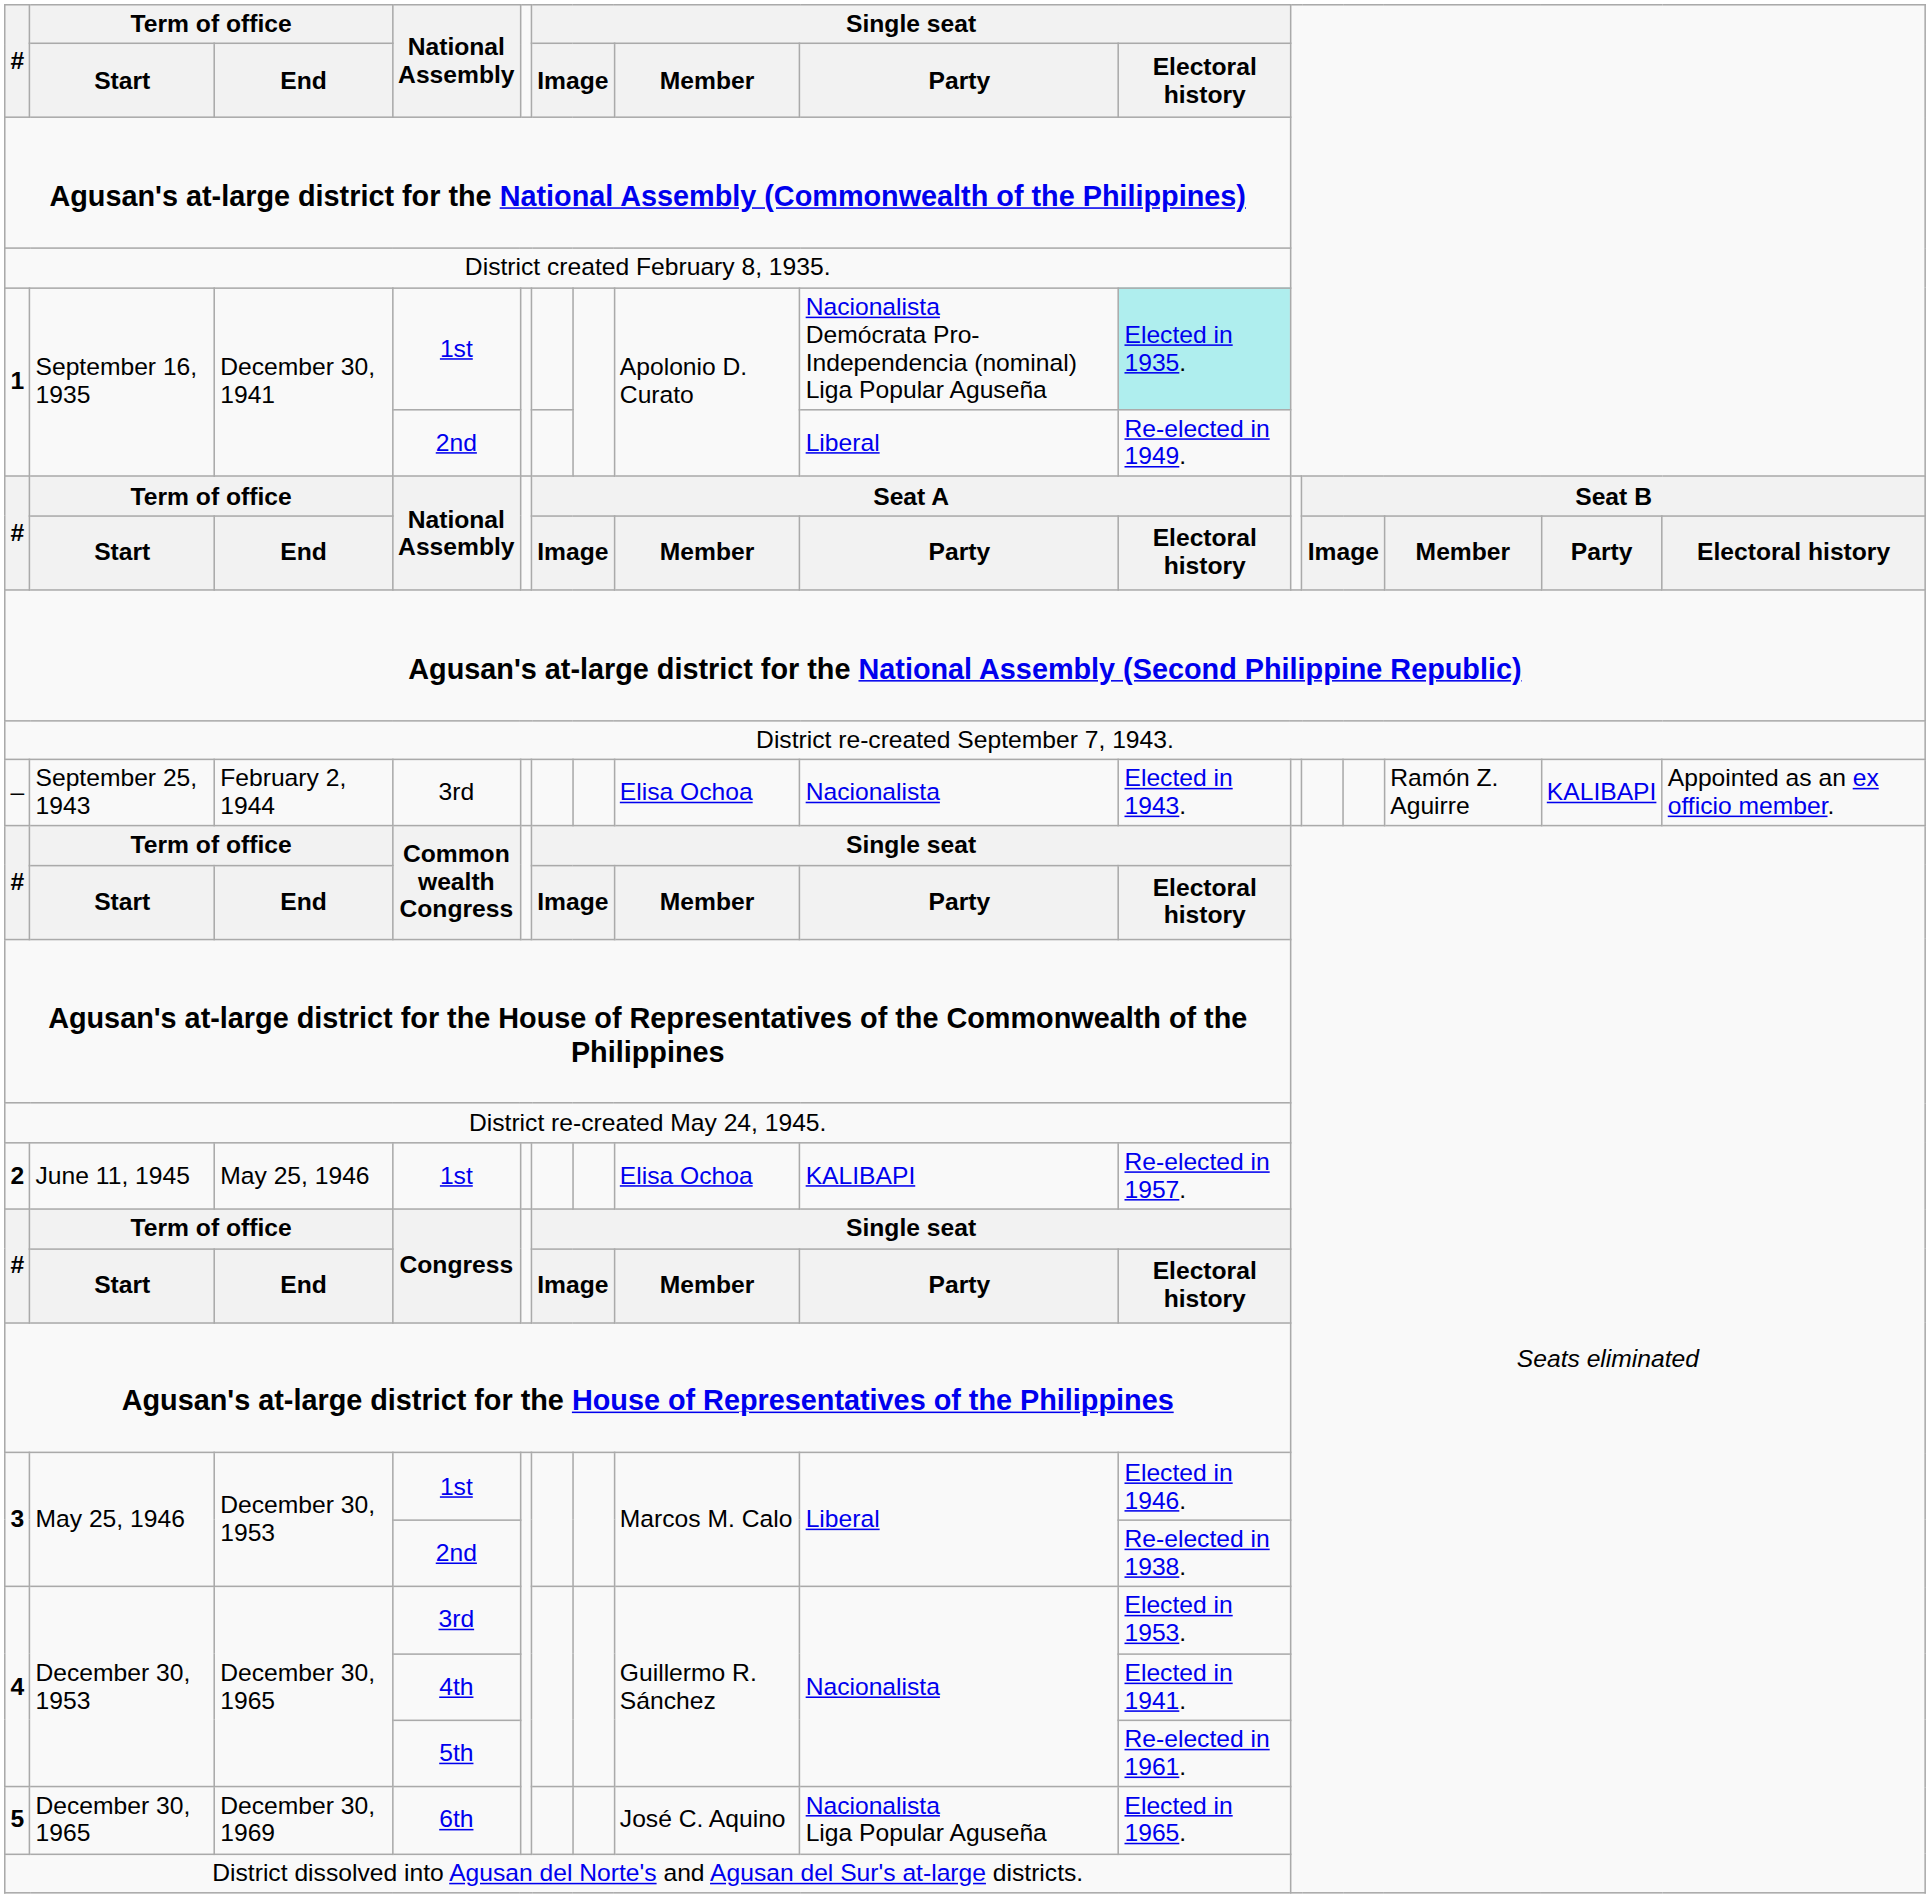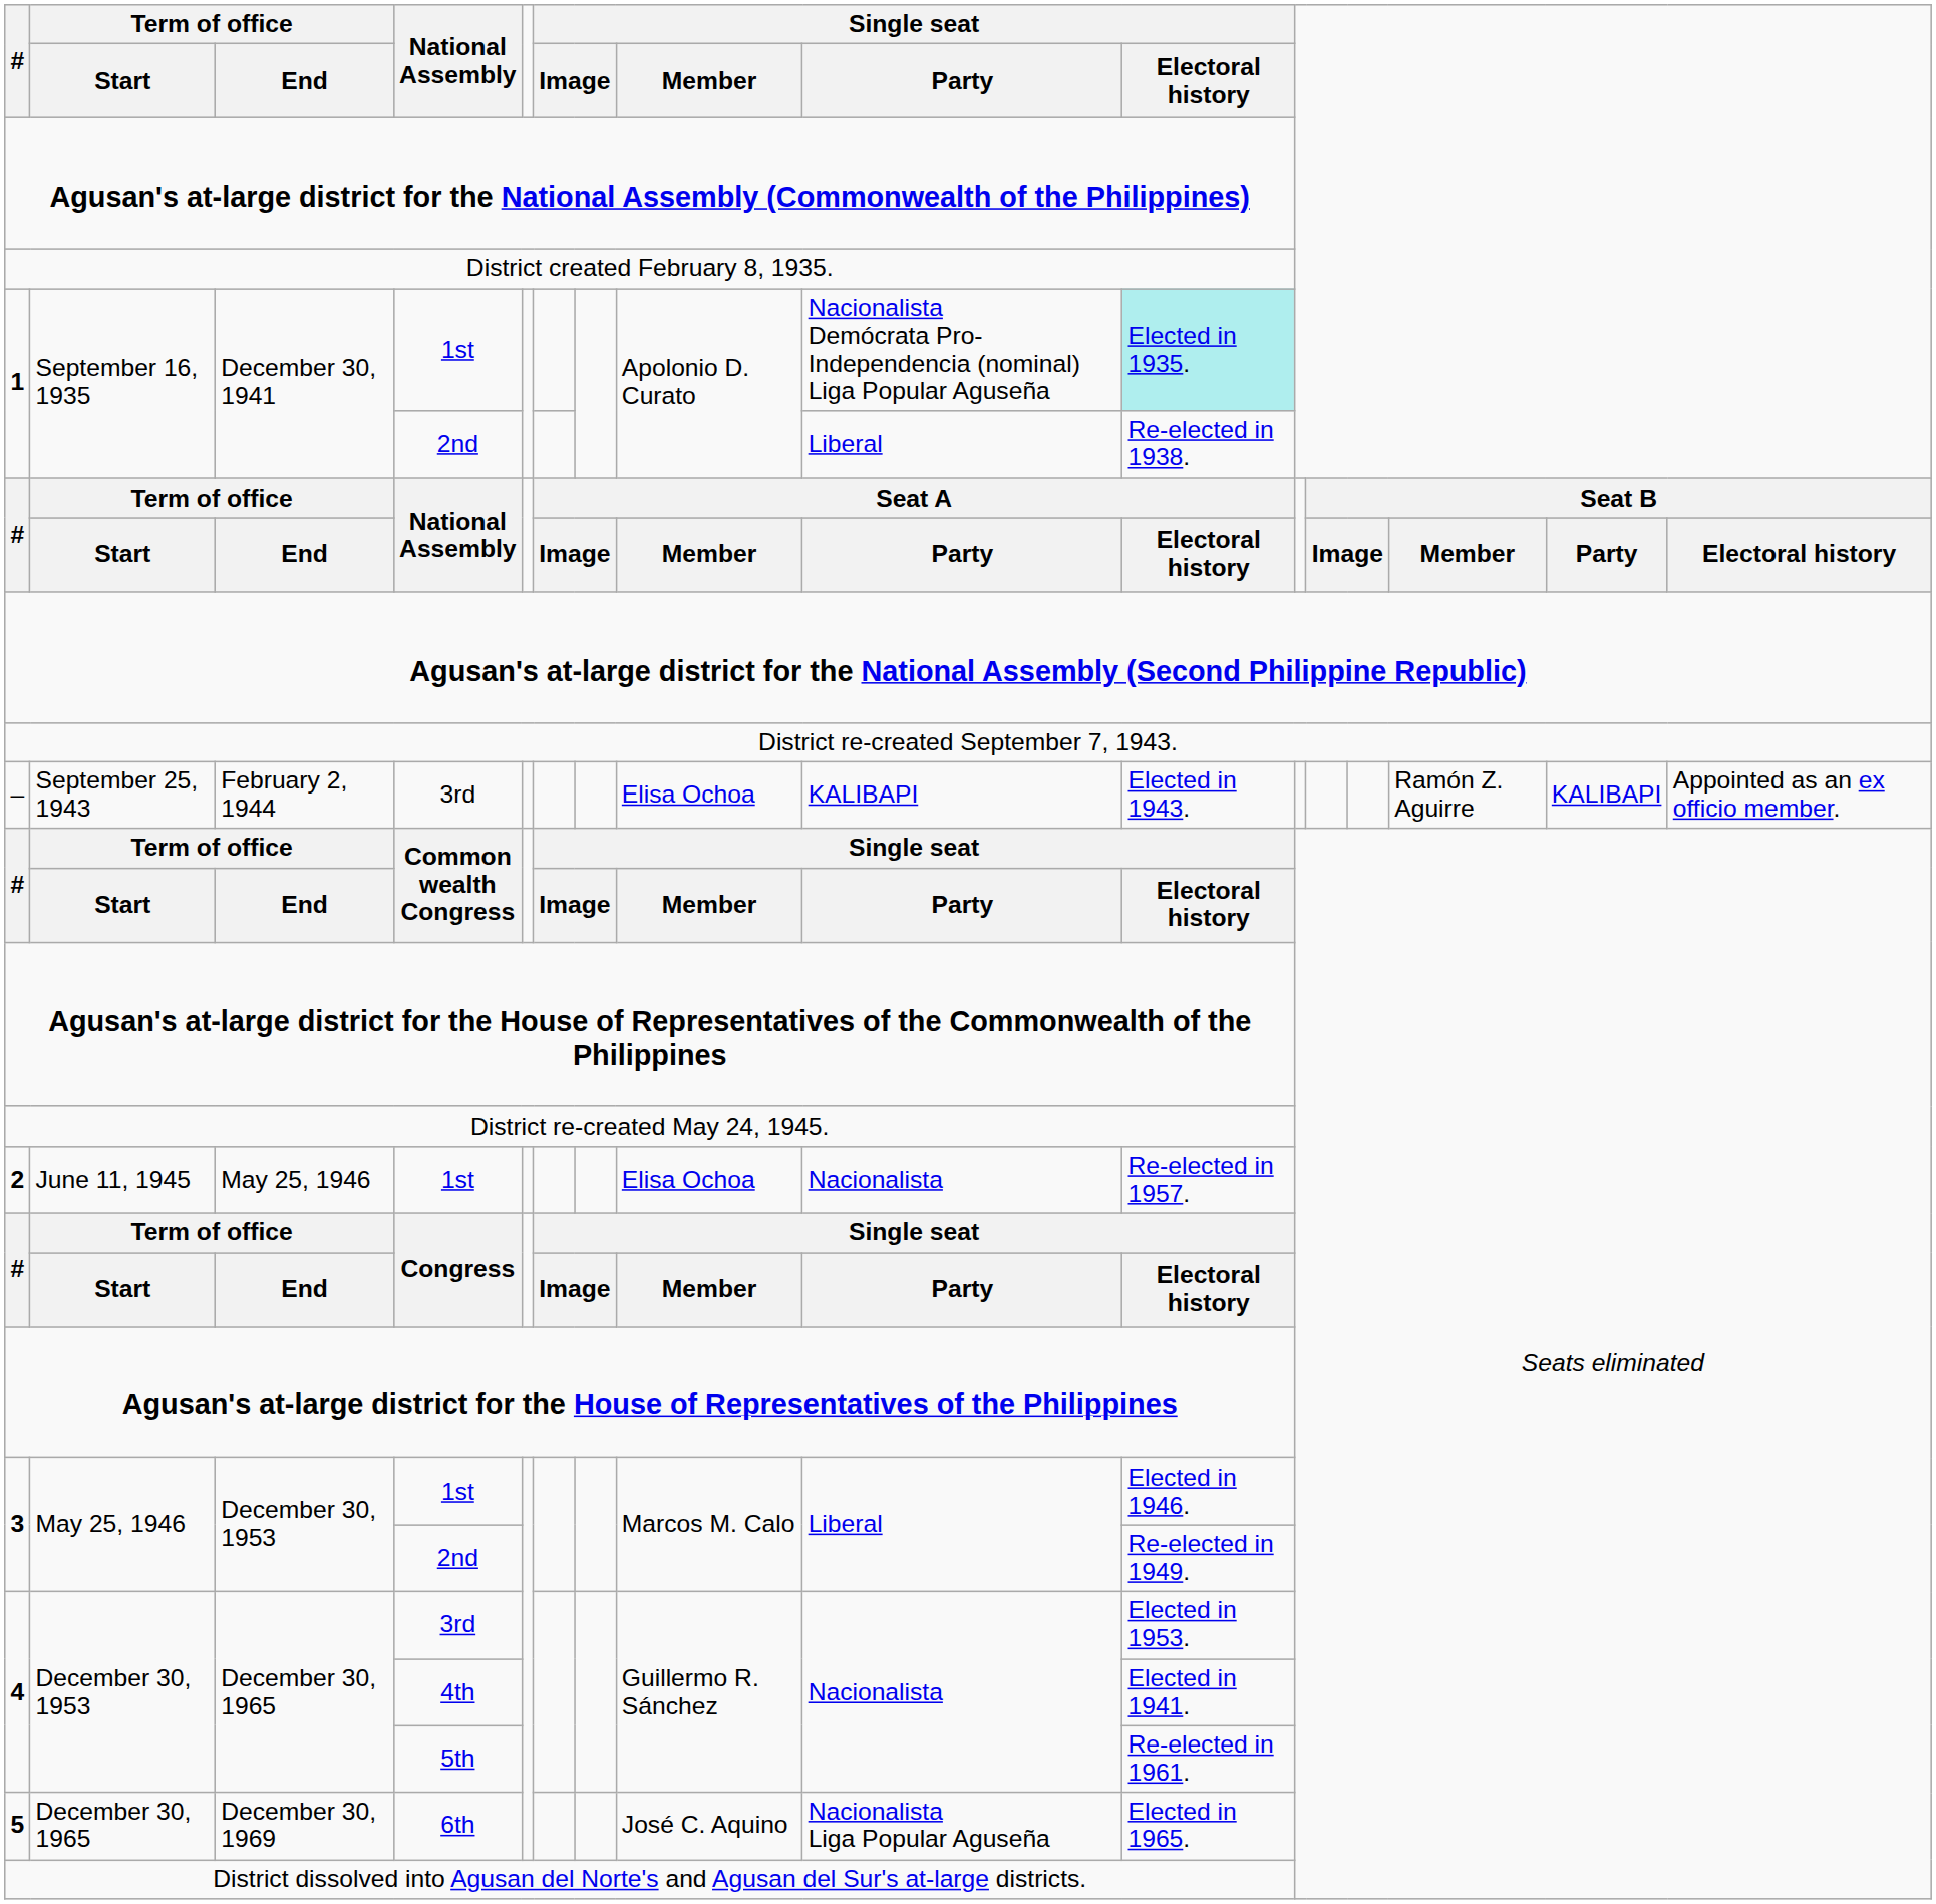 <table class=wikitable>
 <tr>
 <th rowspan=2>#</th>
 <th colspan=2>Term of office</th>
 <th rowspan=2>National<br>Assembly</th>
 <td rowspan=2></td>
 <th colspan=5>Single seat</th>
 </tr>
 <tr style="height:3em">
 <th>Start</th>
 <th>End</th>
 <th colspan="2" style="text-align:center;">Image</th>
 <th>Member</th>
 <th>Party</th>
 <th>Electoral history</th>
 </tr>
 <tr>
 <td colspan="10" style="text-align:center;"><br><h3>Agusan's at-large district for the <a href='#'>National Assembly (Commonwealth of the Philippines)</a></h3></td>
 </tr>
 <tr>
 <td colspan="10" style="text-align:center;">District created February 8, 1935.</td>
 </tr>
 <tr>
 <td rowspan="2" style="text-align:center;"><strong>1</strong></td>
 <td rowspan="2">September 16, 1935</td>
 <td rowspan="2">December 30, 1941</td>
 <td style="text-align:center;"><a href='#'>1st</a></td>
 <td rowspan=2></td>
 <td style="color:inherit;background:"></td>
 <td rowspan="2"></td>
 <td rowspan="2">Apolonio D. Curato</td>
 <td><a href='#'>Nacionalista</a><br>Demócrata Pro-Independencia (nominal)<br>Liga Popular Aguseña</td>
 <td style="background: paleturquoise;"><a href='#'>Elected in 1935</a>.</td>
 </tr>
 <tr>
 <td style="text-align:center;"><a href='#'>2nd</a></td>
 <td style="color:inherit;background:"></td>
 <td><a href='#'>Liberal</a></td>
-<td><a href='#'>Re-elected in 1949</a>.</td>
+<td><a href='#'>Re-elected in 1938</a>.</td>
 </tr>
 <tr>
 <th rowspan=2>#</th>
 <th colspan=2>Term of office</th>
 <th rowspan=2>National<br>Assembly</th>
 <td rowspan=2></td>
 <th colspan=5>Seat A</th>
 <td rowspan=2></td>
 <th colspan=5>Seat B</th>
 </tr>
 <tr style="height:3em">
 <th>Start</th>
 <th>End</th>
 <th colspan="2" style="text-align:center;">Image</th>
 <th>Member</th>
 <th>Party</th>
 <th>Electoral history</th>
 <th colspan="2" style="text-align:center;">Image</th>
 <th>Member</th>
 <th>Party</th>
 <th>Electoral history</th>
 </tr>
 <tr>
 <td colspan="16" style="text-align:center;"><br><h3>Agusan's at-large district for the <a href='#'>National Assembly (Second Philippine Republic)</a></h3></td>
 </tr>
 <tr>
 <td colspan="16" style="text-align:center;">District re-created September 7, 1943.</td>
 </tr>
 <tr>
 <td style="text-align:center;">–</td>
 <td>September 25, 1943</td>
 <td>February 2, 1944</td>
 <td style="text-align:center;">3rd</td>
 <td></td>
 <td style="color:inherit;background:"></td>
 <td></td>
 <td><a href='#'>Elisa Ochoa</a></td>
-<td><a href='#'>Nacionalista</a></td>
+<td><a href='#'>KALIBAPI</a></td>
 <td><a href='#'>Elected in 1943</a>.</td>
 <td></td>
 <td style="color:inherit;background:"></td>
 <td></td>
 <td>Ramón Z. Aguirre</td>
 <td><a href='#'>KALIBAPI</a></td>
 <td>Appointed as an <a href='#'>ex officio member</a>.</td>
 </tr>
 <tr>
 <th rowspan=2>#</th>
 <th colspan=2>Term of office</th>
 <th rowspan=2>Common<br>wealth<br>Congress</th>
 <td rowspan=2></td>
 <th colspan=5>Single seat</th>
 <td rowspan=16 colspan=6 style="text-align:center;"><em>Seats eliminated</em></td>
 </tr>
 <tr style="height:3em">
 <th>Start</th>
 <th>End</th>
 <th colspan="2" style="text-align:center;">Image</th>
 <th>Member</th>
 <th>Party</th>
 <th>Electoral history</th>
 </tr>
 <tr>
 <td colspan="10" style="text-align:center;"><br><h3>Agusan's at-large district for the House of Representatives of the Commonwealth of the Philippines</h3></td>
 </tr>
 <tr>
 <td colspan="10" style="text-align:center;">District re-created May 24, 1945.</td>
 </tr>
 <tr>
 <td style="text-align:center;"><strong>2</strong></td>
 <td>June 11, 1945</td>
 <td>May 25, 1946</td>
 <td style="text-align:center;"><a href='#'>1st</a></td>
 <td></td>
 <td style="color:inherit;background:"></td>
 <td></td>
 <td><a href='#'>Elisa Ochoa</a></td>
-<td><a href='#'>KALIBAPI</a></td>
+<td><a href='#'>Nacionalista</a></td>
 <td><a href='#'>Re-elected in 1957</a>.</td>
 </tr>
 <tr>
 <th rowspan=2>#</th>
 <th colspan=2>Term of office</th>
 <th rowspan=2>Congress</th>
 <td rowspan=2></td>
 <th colspan=5>Single seat</th>
 </tr>
 <tr style="height:3em">
 <th>Start</th>
 <th>End</th>
 <th colspan="2" style="text-align:center;">Image</th>
 <th>Member</th>
 <th>Party</th>
 <th>Electoral history</th>
 </tr>
 <tr>
 <td colspan="10" style="text-align:center;"><br><h3>Agusan's at-large district for the <a href='#'>House of Representatives of the Philippines</a></h3></td>
 </tr>
 <tr>
 <td rowspan="2" style="text-align:center;"><strong>3</strong></td>
 <td rowspan="2">May 25, 1946</td>
 <td rowspan="2">December 30, 1953</td>
 <td style="text-align:center;"><a href='#'>1st</a></td>
 <td rowspan=6></td>
 <td rowspan="2" style="color:inherit;background:"></td>
 <td rowspan="2"></td>
 <td rowspan="2">Marcos M. Calo</td>
 <td rowspan="2"><a href='#'>Liberal</a></td>
 <td><a href='#'>Elected in 1946</a>.</td>
 </tr>
 <tr>
 <td style="text-align:center;"><a href='#'>2nd</a></td>
-<td><a href='#'>Re-elected in 1938</a>.</td>
+<td><a href='#'>Re-elected in 1949</a>.</td>
 </tr>
 <tr>
 <td rowspan="3" style="text-align:center;"><strong>4</strong></td>
 <td rowspan="3">December 30, 1953</td>
 <td rowspan="3">December 30, 1965</td>
 <td style="text-align:center;"><a href='#'>3rd</a></td>
 <td rowspan="3" style="color:inherit;background:"></td>
 <td rowspan="3"></td>
 <td rowspan="3">Guillermo R. Sánchez</td>
 <td rowspan="3"><a href='#'>Nacionalista</a></td>
 <td><a href='#'>Elected in 1953</a>.</td>
 </tr>
 <tr>
 <td style="text-align:center;"><a href='#'>4th</a></td>
 <td><a href='#'>Elected in 1941</a>.</td>
 </tr>
 <tr>
 <td style="text-align:center;"><a href='#'>5th</a></td>
 <td><a href='#'>Re-elected in 1961</a>.</td>
 </tr>
 <tr>
 <td style="text-align:center;"><strong>5</strong></td>
 <td>December 30, 1965</td>
 <td>December 30, 1969</td>
 <td style="text-align:center;"><a href='#'>6th</a></td>
 <td style="color:inherit;background:"></td>
 <td></td>
 <td>José C. Aquino</td>
 <td><a href='#'>Nacionalista</a><br>Liga Popular Aguseña</td>
 <td><a href='#'>Elected in 1965</a>.</td>
 </tr>
 <tr>
 <td colspan="10" style="text-align:center;">District dissolved into <a href='#'>Agusan del Norte's</a> and <a href='#'>Agusan del Sur's at-large</a> districts.</td>
 </tr>
 </table>
